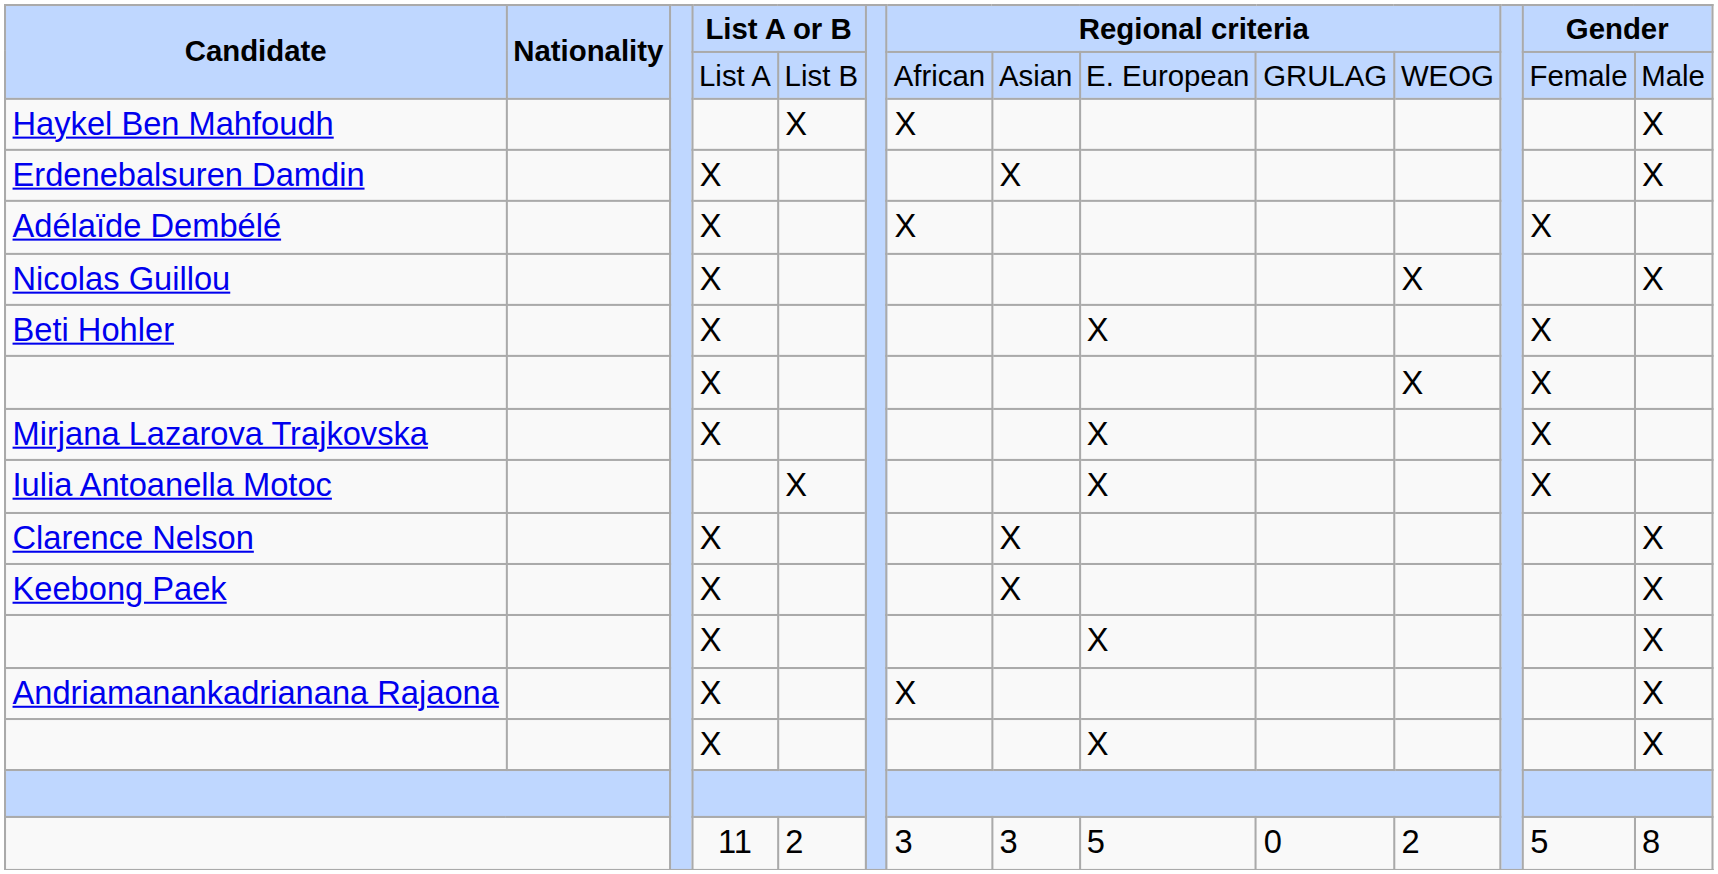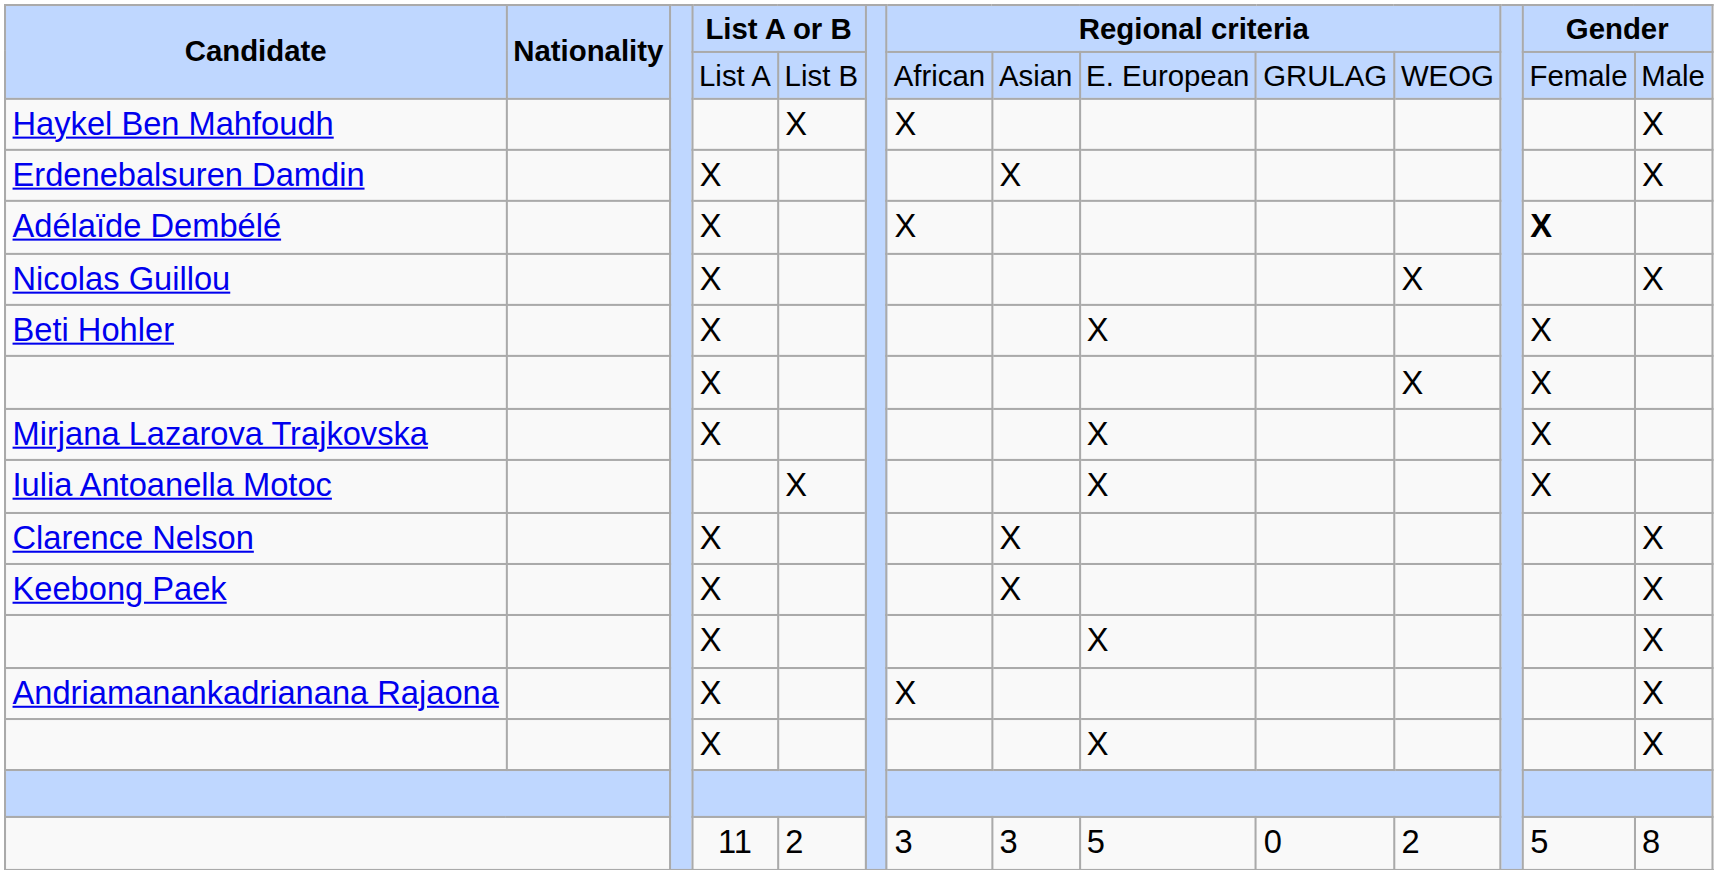 <table class="wikitable col3center col4center col5center col6center col7center col8center col9center col10center col11center">
 <tr bgcolor=#BFD7FF align="center" style="font-size:90%;">
 <td rowspan=2><strong>Candidate</strong></td>
 <td rowspan=2><strong>Nationality</strong></td>
 <td rowspan=17> </td>
 <td colspan=2><strong>List A or B</strong></td>
 <td rowspan=17> </td>
 <td colspan=5><strong>Regional criteria</strong></td>
 <td rowspan=17> </td>
 <td colspan=2><strong>Gender</strong></td>
 </tr>
 <tr bgcolor=#BFD7FF align="center" style="font-size:90%;">
 <td>List A</td>
 <td>List B</td>
 <td>African</td>
 <td>Asian</td>
 <td>E. European</td>
 <td>GRULAG</td>
 <td>WEOG</td>
 <td>Female</td>
 <td>Male</td>
 </tr>
 <tr>
 <td><a href='#'>Haykel Ben Mahfoudh</a></td>
 <td></td>
 <td></td>
 <td>X</td>
 <td>X</td>
 <td></td>
 <td></td>
 <td></td>
 <td></td>
 <td></td>
 <td>X</td>
 </tr>
 <tr>
 <td><a href='#'>Erdenebalsuren Damdin</a></td>
 <td></td>
 <td>X</td>
 <td></td>
 <td></td>
 <td>X</td>
 <td></td>
 <td></td>
 <td></td>
 <td></td>
 <td>X</td>
 </tr>
 <tr>
 <td><a href='#'>Adélaïde Dembélé</a></td>
 <td></td>
 <td>X</td>
 <td></td>
 <td>X</td>
 <td></td>
 <td></td>
 <td></td>
 <td></td>
-<td>X</td>
+<td><strong>X</strong></td>
 <td></td>
 </tr>
 <tr>
 <td><a href='#'>Nicolas Guillou</a></td>
 <td></td>
 <td>X</td>
 <td></td>
 <td></td>
 <td></td>
 <td></td>
 <td></td>
 <td>X</td>
 <td></td>
 <td>X</td>
 </tr>
 <tr>
 <td><a href='#'>Beti Hohler</a></td>
 <td></td>
 <td>X</td>
 <td></td>
 <td></td>
 <td></td>
 <td>X</td>
 <td></td>
 <td></td>
 <td>X</td>
 <td></td>
 </tr>
 <tr>
 <td></td>
 <td></td>
 <td>X</td>
 <td></td>
 <td></td>
 <td></td>
 <td></td>
 <td></td>
 <td>X</td>
 <td>X</td>
 <td></td>
 </tr>
 <tr>
 <td><a href='#'>Mirjana Lazarova Trajkovska</a></td>
 <td></td>
 <td>X</td>
 <td></td>
 <td></td>
 <td></td>
 <td>X</td>
 <td></td>
 <td></td>
 <td>X</td>
 <td></td>
 </tr>
 <tr>
 <td><a href='#'>Iulia Antoanella Motoc</a></td>
 <td></td>
 <td></td>
 <td>X</td>
 <td></td>
 <td></td>
 <td>X</td>
 <td></td>
 <td></td>
 <td>X</td>
 <td></td>
 </tr>
 <tr>
 <td><a href='#'>Clarence Nelson</a></td>
 <td></td>
 <td>X</td>
 <td></td>
 <td></td>
 <td>X</td>
 <td></td>
 <td></td>
 <td></td>
 <td></td>
 <td>X</td>
 </tr>
 <tr>
 <td><a href='#'>Keebong Paek</a></td>
 <td></td>
 <td>X</td>
 <td></td>
 <td></td>
 <td>X</td>
 <td></td>
 <td></td>
 <td></td>
 <td></td>
 <td>X</td>
 </tr>
 <tr>
 <td></td>
 <td></td>
 <td>X</td>
 <td></td>
 <td></td>
 <td></td>
 <td>X</td>
 <td></td>
 <td></td>
 <td></td>
 <td>X</td>
 </tr>
 <tr>
 <td><a href='#'>Andriamanankadrianana Rajaona</a></td>
 <td></td>
 <td>X</td>
 <td></td>
 <td>X</td>
 <td></td>
 <td></td>
 <td></td>
 <td></td>
 <td></td>
 <td>X</td>
 </tr>
 <tr>
 <td></td>
 <td></td>
 <td>X</td>
 <td></td>
 <td></td>
 <td></td>
 <td>X</td>
 <td></td>
 <td></td>
 <td></td>
 <td>X</td>
 </tr>
 <tr bgcolor=#BFD7FF align="center" style="font-size:90%;">
 <td colspan=2> </td>
 <td colspan=2> </td>
 <td colspan=5> </td>
 <td colspan=2> </td>
 </tr>
 <tr>
 <td colspan=2></td>
 <td align="center">11</td>
 <td>2</td>
 <td>3</td>
 <td>3</td>
 <td>5</td>
 <td>0</td>
 <td>2</td>
 <td>5</td>
 <td>8</td>
 </tr>
 <tr>
 </tr>
 </table>
